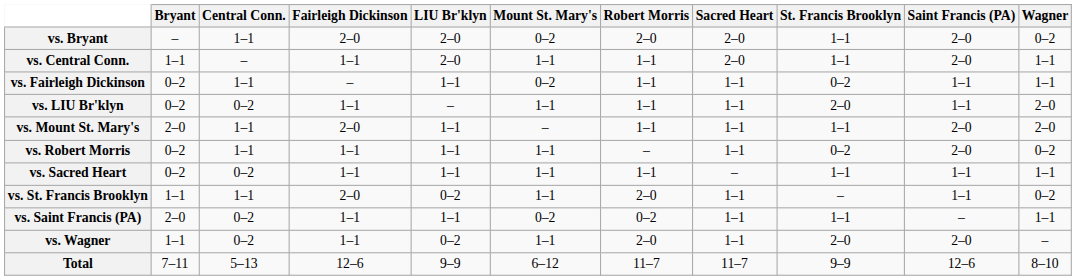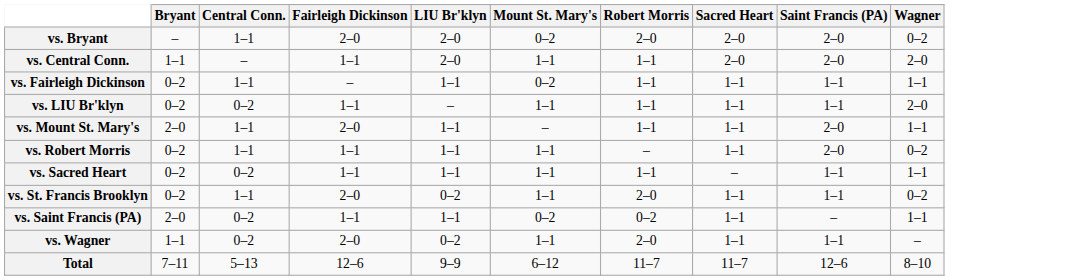 <table class="wikitable" style="white-space:nowrap;font-size:80%;">
 <tr>
 <th colspan=1 style="background:white; border-top-style:hidden; border-left-style:hidden;"   width=75> </th>
 <th>Bryant</th>
 <th>Central Conn.</th>
 <th>Fairleigh Dickinson</th>
 <th>LIU Br'klyn</th>
 <th>Mount St. Mary's</th>
 <th>Robert Morris</th>
 <th>Sacred Heart</th>
-<th>St. Francis Brooklyn</th>
 <th>Saint Francis (PA)</th>
 <th>Wagner</th>
 </tr>
 <tr style="text-align:center;">
 <th>vs. Bryant</th>
 <td>–</td>
 <td>1–1</td>
 <td>2–0</td>
 <td>2–0</td>
 <td>0–2</td>
 <td>2–0</td>
 <td>2–0</td>
-<td>1–1</td>
 <td>2–0</td>
 <td>0–2</td>
 </tr>
 <tr style="text-align:center;">
 <th>vs. Central Conn.</th>
 <td>1–1</td>
 <td>–</td>
 <td>1–1</td>
 <td>2–0</td>
 <td>1–1</td>
 <td>1–1</td>
 <td>2–0</td>
-<td>1–1</td>
 <td>2–0</td>
-<td>1–1</td>
+<td>2–0</td>
 </tr>
 <tr style="text-align:center;">
 <th>vs. Fairleigh Dickinson</th>
 <td>0–2</td>
 <td>1–1</td>
 <td>–</td>
 <td>1–1</td>
 <td>0–2</td>
 <td>1–1</td>
 <td>1–1</td>
-<td>0–2</td>
 <td>1–1</td>
 <td>1–1</td>
 </tr>
 <tr style="text-align:center;">
 <th>vs. LIU Br'klyn</th>
 <td>0–2</td>
 <td>0–2</td>
 <td>1–1</td>
 <td>–</td>
 <td>1–1</td>
 <td>1–1</td>
 <td>1–1</td>
-<td>2–0</td>
 <td>1–1</td>
 <td>2–0</td>
 </tr>
 <tr style="text-align:center;">
 <th>vs. Mount St. Mary's</th>
 <td>2–0</td>
 <td>1–1</td>
 <td>2–0</td>
 <td>1–1</td>
 <td>–</td>
 <td>1–1</td>
 <td>1–1</td>
+<td>2–0</td>
 <td>1–1</td>
-<td>2–0</td>
-<td>2–0</td>
 </tr>
 <tr style="text-align:center;">
 <th>vs. Robert Morris</th>
 <td>0–2</td>
 <td>1–1</td>
 <td>1–1</td>
 <td>1–1</td>
 <td>1–1</td>
 <td>–</td>
 <td>1–1</td>
-<td>0–2</td>
 <td>2–0</td>
 <td>0–2</td>
 </tr>
 <tr style="text-align:center;">
 <th>vs. Sacred Heart</th>
 <td>0–2</td>
 <td>0–2</td>
 <td>1–1</td>
 <td>1–1</td>
 <td>1–1</td>
 <td>1–1</td>
 <td>–</td>
 <td>1–1</td>
 <td>1–1</td>
-<td>1–1</td>
 </tr>
 <tr style="text-align:center;">
 <th>vs. St. Francis Brooklyn</th>
-<td>1–1</td>
+<td>0–2</td>
 <td>1–1</td>
 <td>2–0</td>
 <td>0–2</td>
 <td>1–1</td>
 <td>2–0</td>
 <td>1–1</td>
-<td>–</td>
 <td>1–1</td>
 <td>0–2</td>
 </tr>
 <tr style="text-align:center;">
 <th>vs. Saint Francis (PA)</th>
 <td>2–0</td>
 <td>0–2</td>
 <td>1–1</td>
 <td>1–1</td>
 <td>0–2</td>
 <td>0–2</td>
 <td>1–1</td>
-<td>1–1</td>
 <td>–</td>
 <td>1–1</td>
 </tr>
 <tr style="text-align:center;">
 <th>vs. Wagner</th>
 <td>1–1</td>
 <td>0–2</td>
-<td>1–1</td>
+<td>2–0</td>
 <td>0–2</td>
 <td>1–1</td>
 <td>2–0</td>
 <td>1–1</td>
-<td>2–0</td>
-<td>2–0</td>
+<td>1–1</td>
 <td>–<br></td>
 </tr>
 <tr style="text-align:center;">
 <th>Total</th>
 <td>7–11</td>
 <td>5–13</td>
 <td>12–6</td>
 <td>9–9</td>
 <td>6–12</td>
 <td>11–7</td>
 <td>11–7</td>
-<td>9–9</td>
 <td>12–6</td>
 <td>8–10</td>
 </tr>
 </table>
